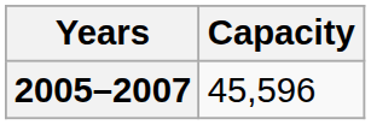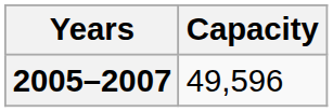 <table class="wikitable">
 <tr>
 <th scope="row">Years</th>
 <th scope="row">Capacity</th>
 </tr>
 <tr>
 <th scope="row">2005–2007</th>
-<td>45,596</td>
+<td>49,596</td>
 </tr>
 </table>
